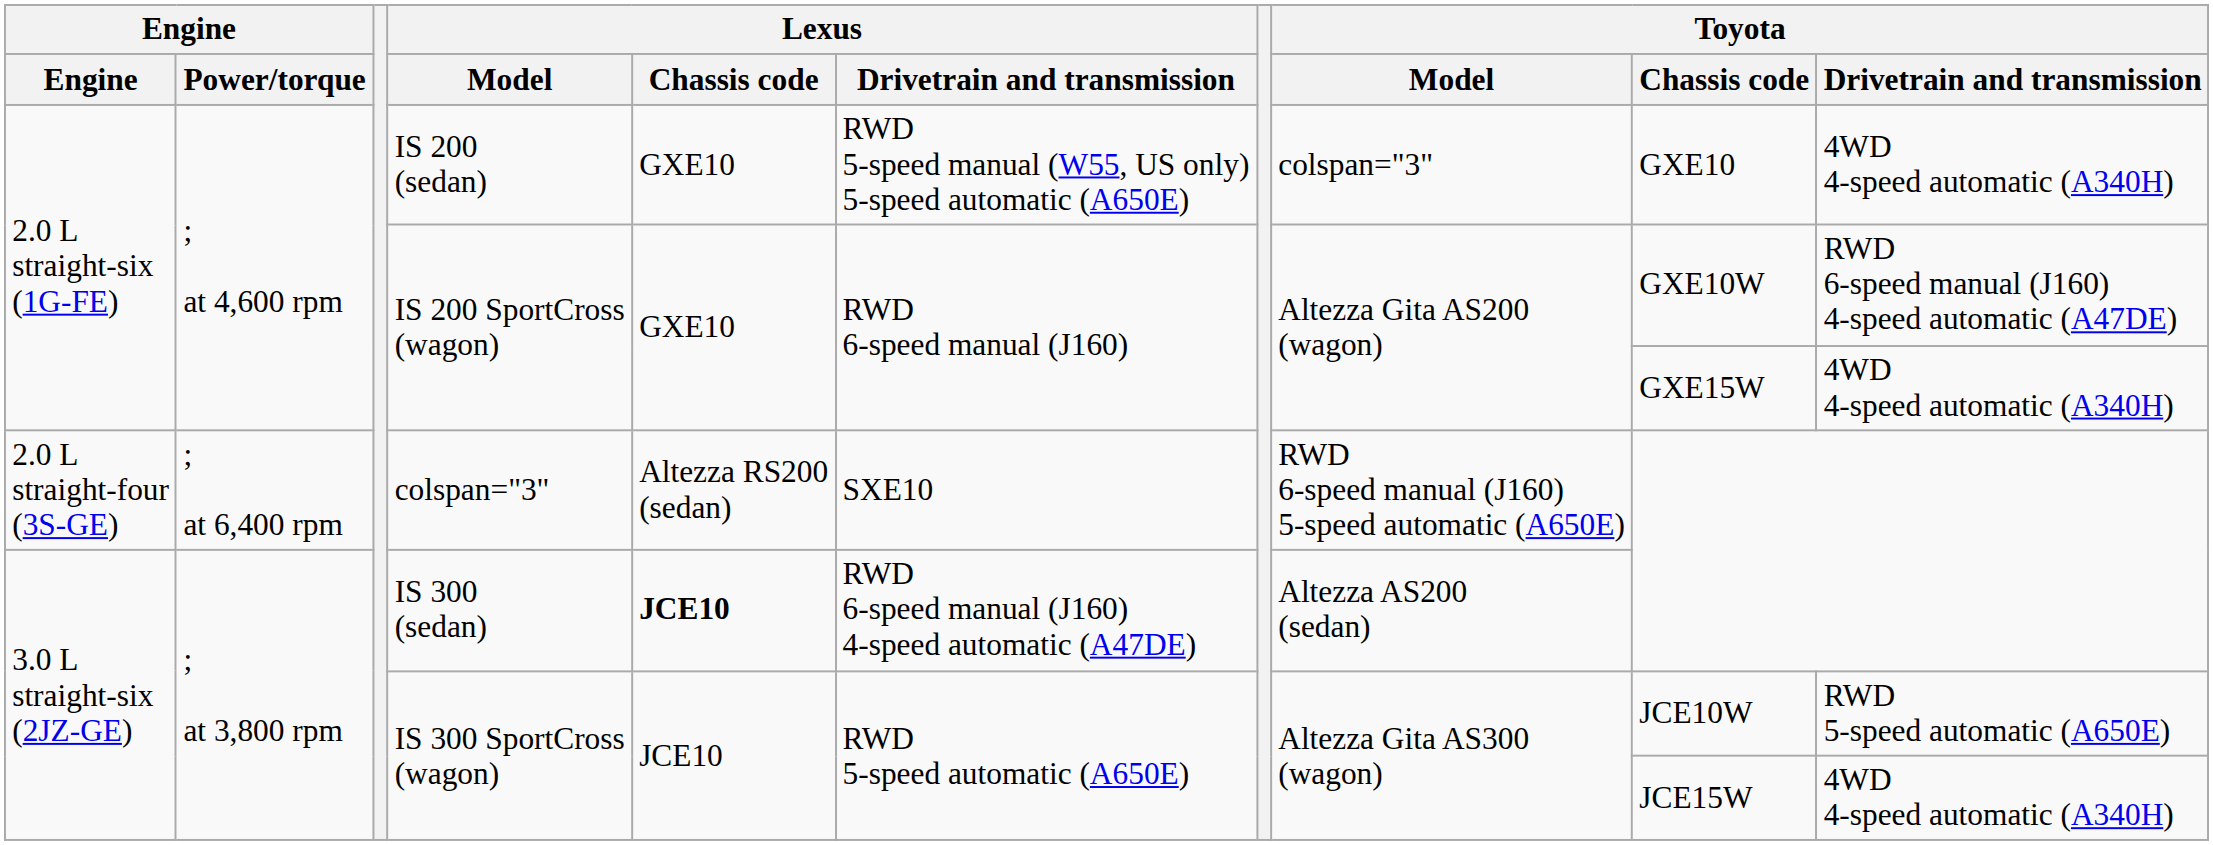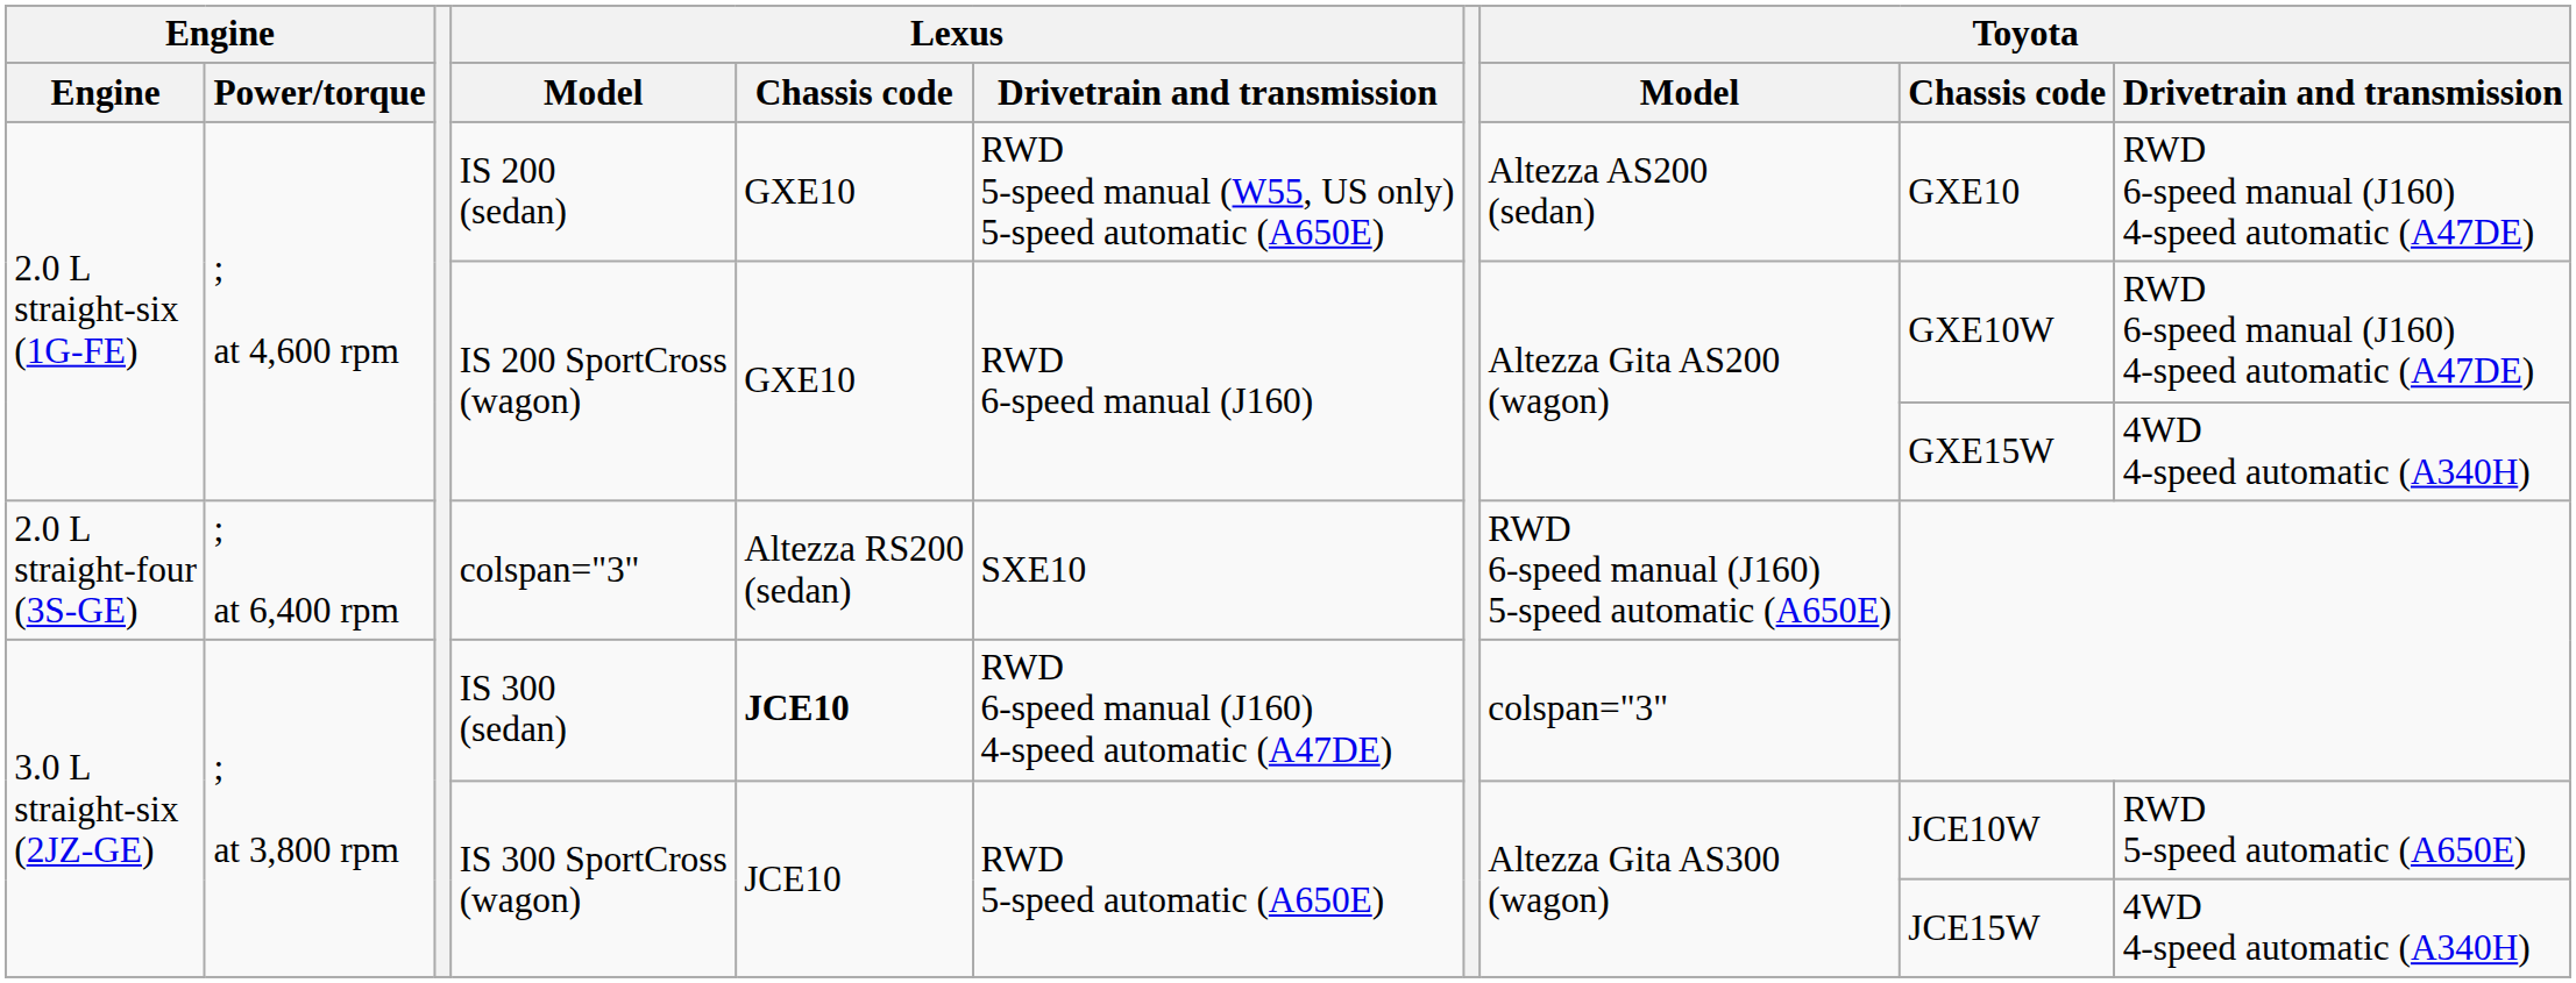 <table class="wikitable">
 <tr>
 <th colspan="2">Engine</th>
 <th rowspan="9"></th>
 <th colspan="3">Lexus</th>
 <th rowspan="9"></th>
 <th colspan="3">Toyota</th>
 </tr>
 <tr>
 <th>Engine</th>
 <th>Power/torque</th>
 <th>Model</th>
 <th>Chassis code</th>
 <th>Drivetrain and transmission</th>
 <th>Model</th>
 <th>Chassis code</th>
 <th>Drivetrain and transmission</th>
 </tr>
 <tr>
 <td rowspan="3">2.0 L<br>straight-six<br>(<a href='#'>1G-FE</a>)</td>
 <td rowspan="3">;<br> <br>at 4,600 rpm</td>
 <td>IS 200<br>(sedan)</td>
 <td>GXE10</td>
 <td>RWD<br>5-speed manual (<a href='#'>W55</a>, US only)<br>5-speed automatic (<a href='#'>A650E</a>)<br></td>
-<td>colspan="3"   </td>
+<td>Altezza AS200<br>(sedan)</td>
 <td>GXE10</td>
-<td>4WD<br>4-speed automatic (<a href='#'>A340H</a>)</td>
+<td>RWD<br>6-speed manual (J160)<br>4-speed automatic (<a href='#'>A47DE</a>)</td>
 </tr>
 <tr>
 <td rowspan="2">IS 200 SportCross<br>(wagon)</td>
 <td rowspan="2">GXE10</td>
 <td rowspan="2">RWD<br>6-speed manual (J160)</td>
 <td rowspan="2">Altezza Gita AS200<br>(wagon)</td>
 <td>GXE10W</td>
 <td>RWD<br>6-speed manual (J160)<br>4-speed automatic (<a href='#'>A47DE</a>)</td>
 </tr>
 <tr>
 <td>GXE15W</td>
 <td>4WD<br>4-speed automatic (<a href='#'>A340H</a>)</td>
 </tr>
 <tr>
 <td>2.0 L<br>straight-four<br>(<a href='#'>3S-GE</a>)</td>
 <td>;<br> <br>at 6,400 rpm</td>
 <td>colspan="3"   </td>
 <td>Altezza RS200<br>(sedan)</td>
 <td>SXE10</td>
 <td>RWD<br>6-speed manual (J160)<br>5-speed automatic (<a href='#'>A650E</a>)</td>
 </tr>
 <tr>
 <td rowspan="3">3.0 L<br>straight-six<br>(<a href='#'>2JZ-GE</a>)</td>
 <td rowspan="3">;<br> <br>at 3,800 rpm</td>
 <td>IS 300<br>(sedan)</td>
 <td><strong>JCE10</strong></td>
 <td>RWD<br>6-speed manual (J160)<br>4-speed automatic (<a href='#'>A47DE</a>)</td>
-<td>Altezza AS200<br>(sedan)</td>
+<td>colspan="3"   </td>
 </tr>
 <tr>
 <td rowspan="2">IS 300 SportCross<br>(wagon)</td>
 <td rowspan="2">JCE10</td>
 <td rowspan="2">RWD<br>5-speed automatic (<a href='#'>A650E</a>)</td>
 <td rowspan="2">Altezza Gita AS300<br>(wagon)</td>
 <td>JCE10W</td>
 <td>RWD<br>5-speed automatic (<a href='#'>A650E</a>)</td>
 </tr>
 <tr>
 <td>JCE15W</td>
 <td>4WD<br>4-speed automatic (<a href='#'>A340H</a>)</td>
 </tr>
 </table>
